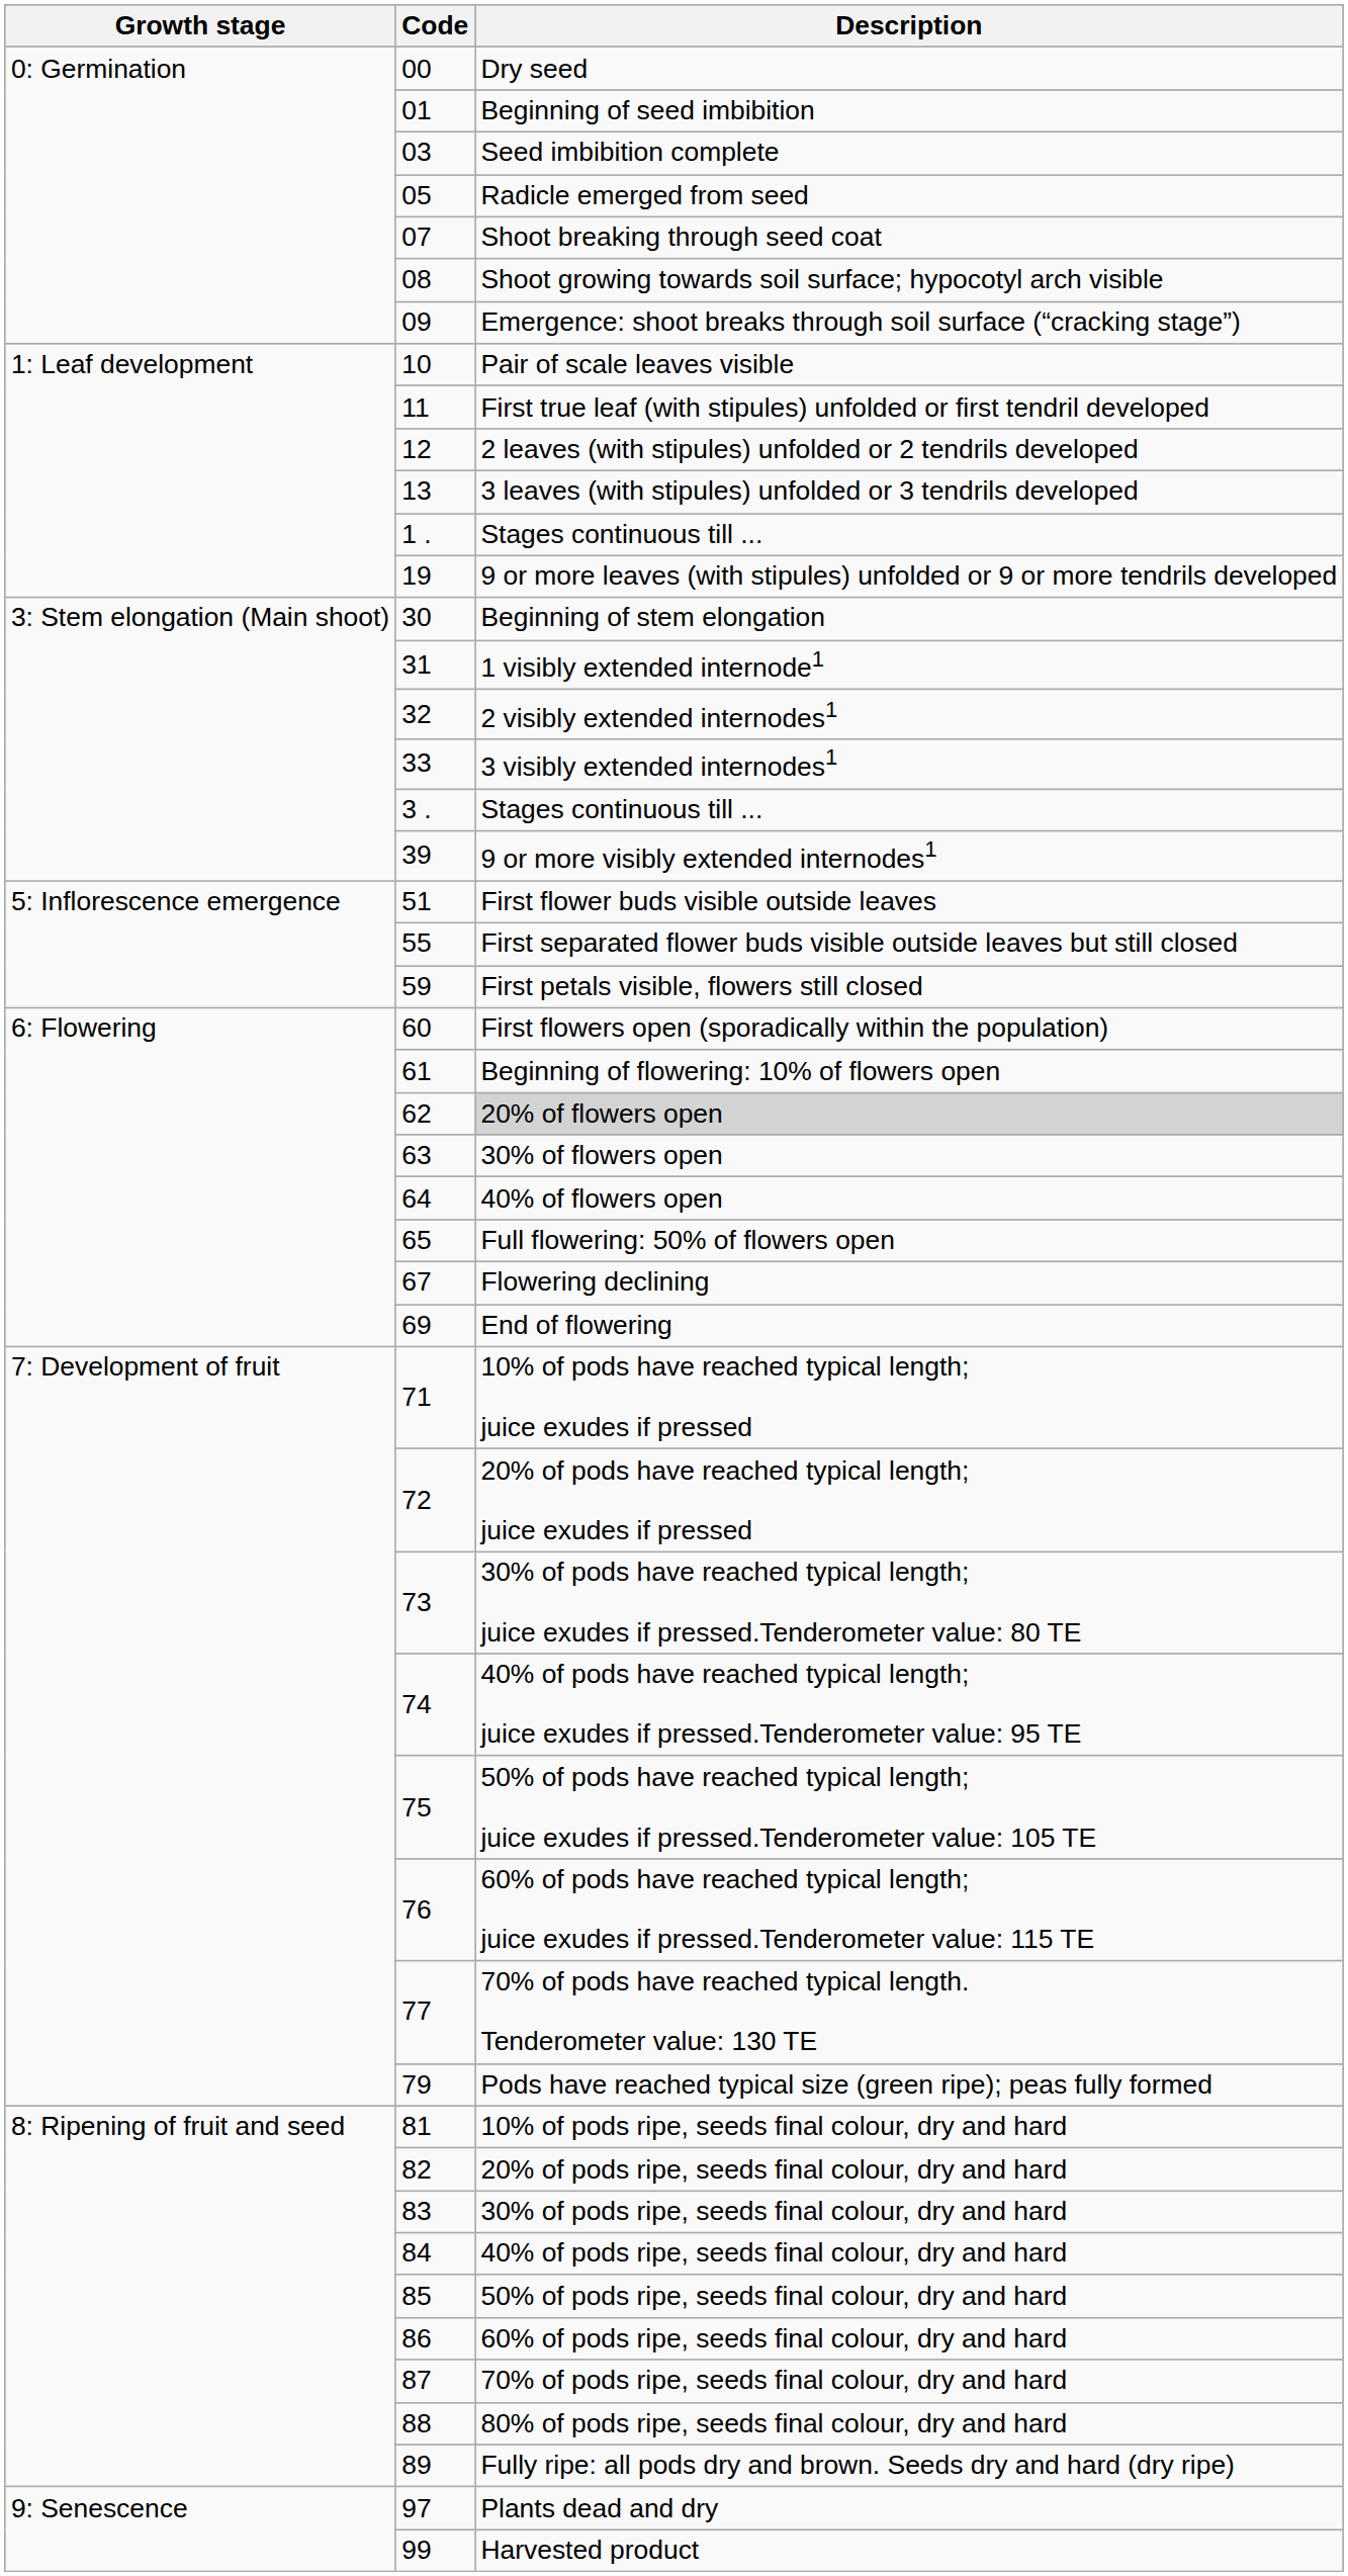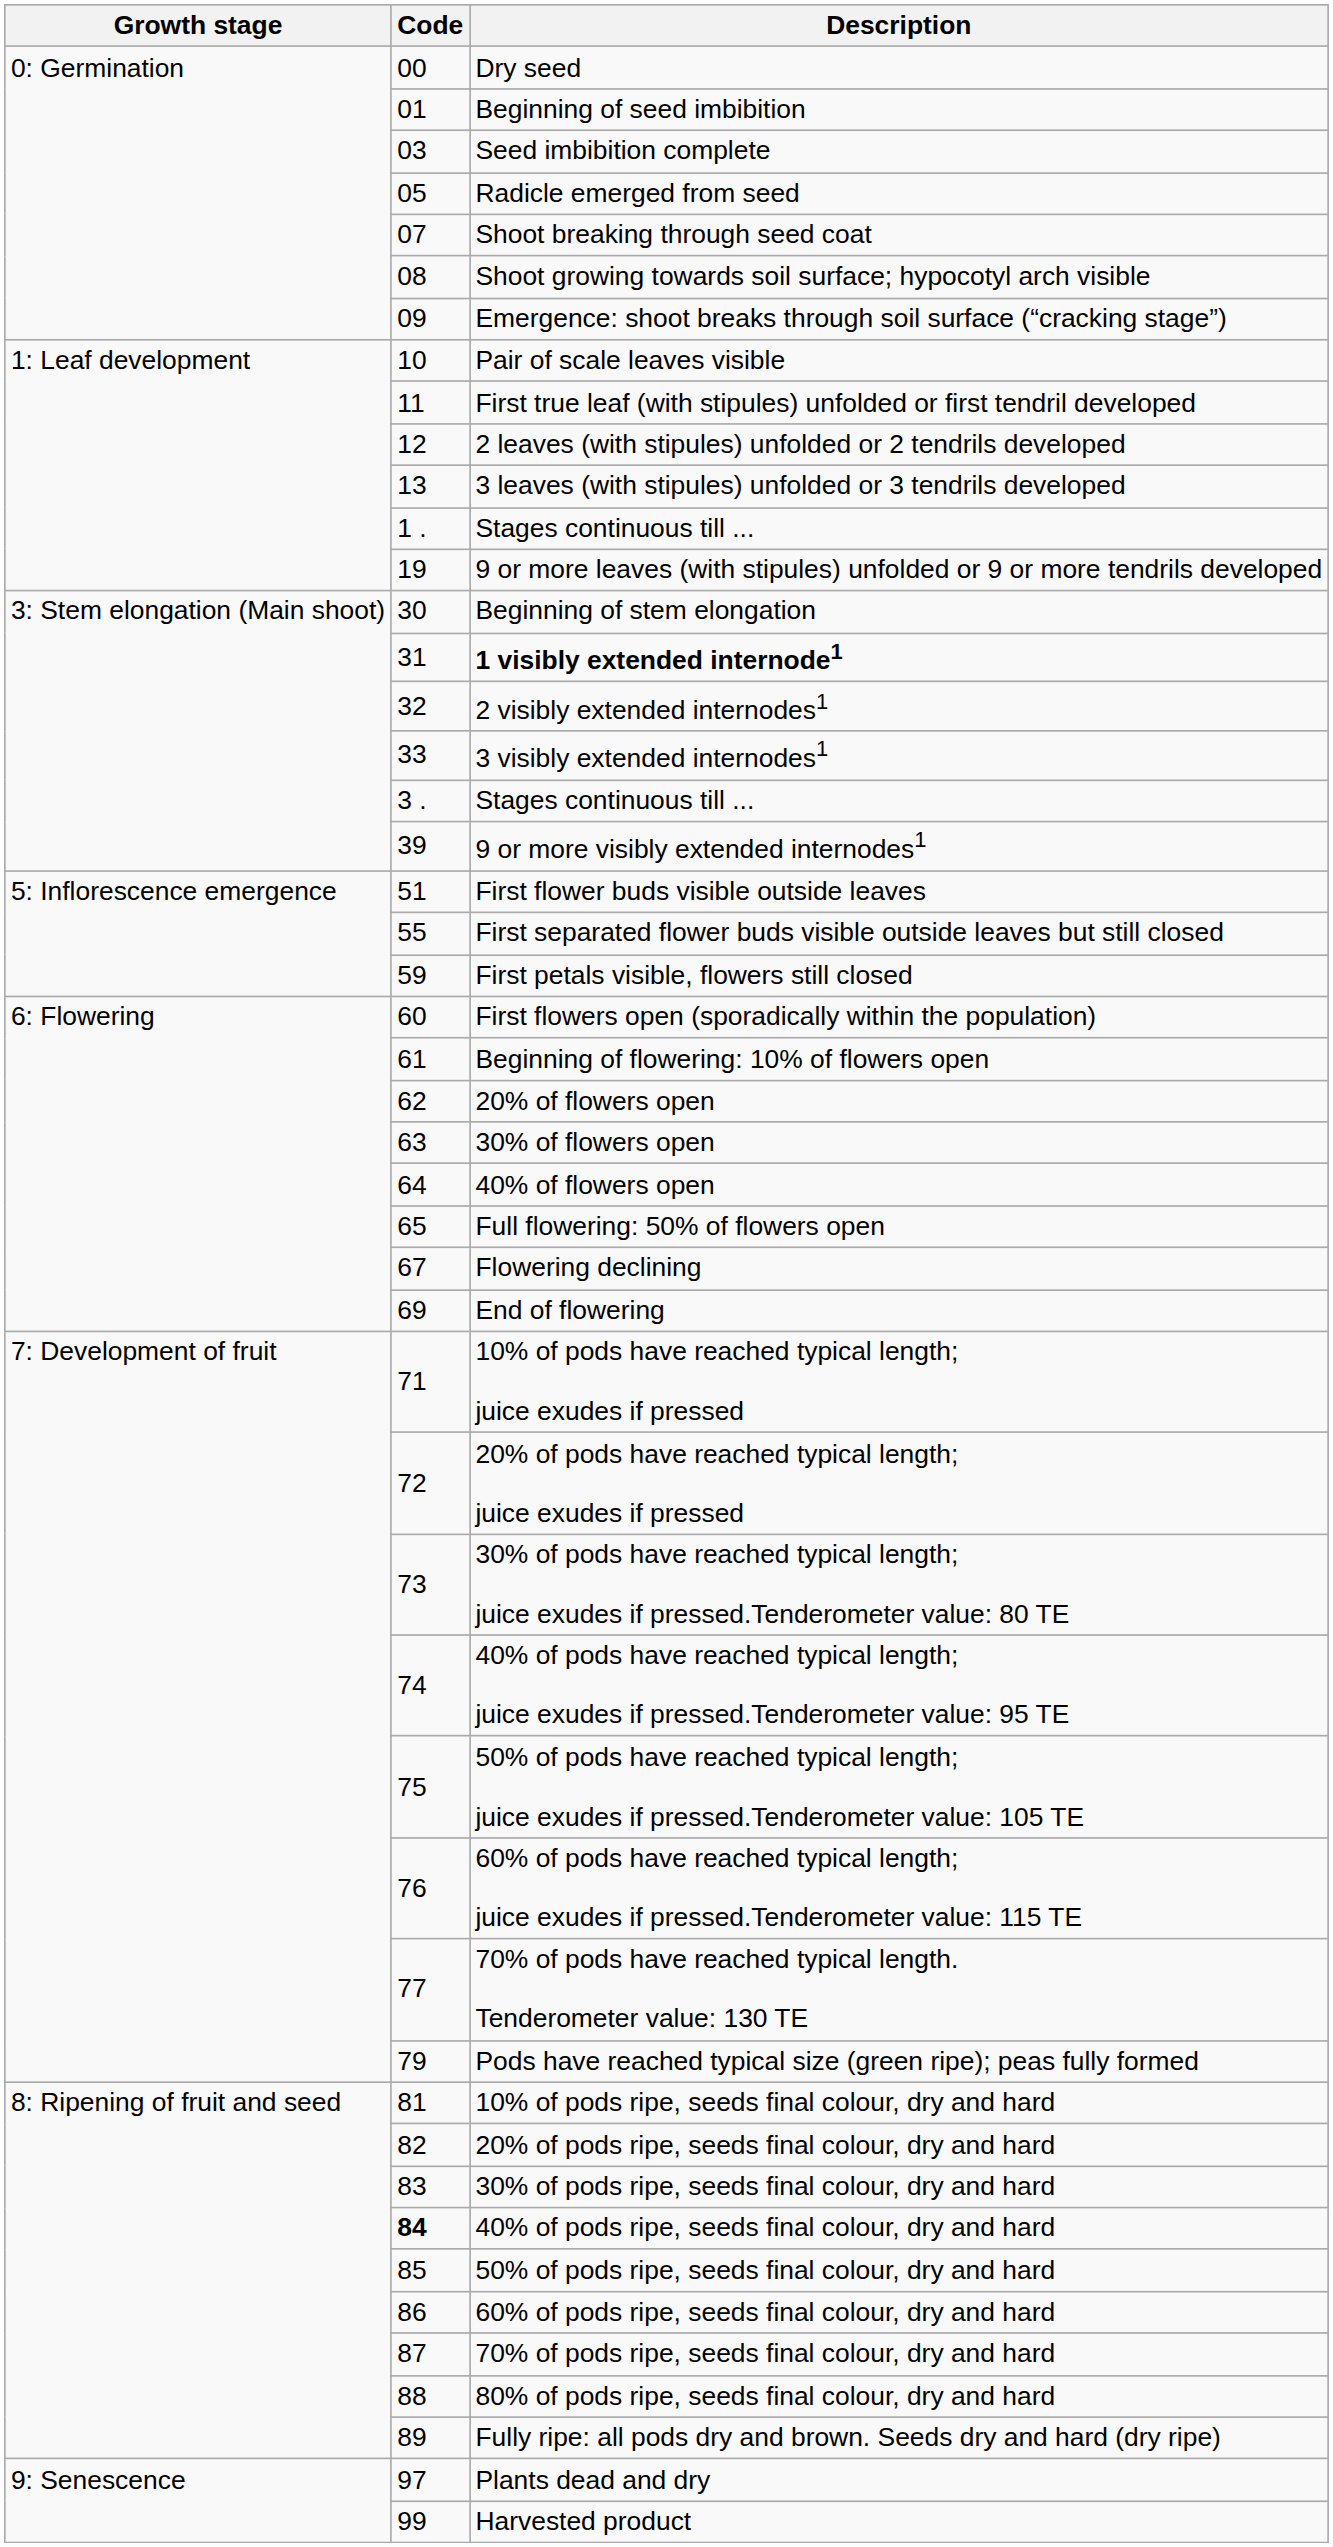 <table class="wikitable" style="clear">
 <tr>
 <th>Growth stage</th>
 <th>Code</th>
 <th>Description</th>
 </tr>
 <tr>
 <td rowspan="7" style="vertical-align:top">0: Germination</td>
 <td>00</td>
 <td>Dry seed</td>
 </tr>
 <tr>
 <td>01</td>
 <td>Beginning of seed imbibition</td>
 </tr>
 <tr>
 <td>03</td>
 <td>Seed imbibition complete</td>
 </tr>
 <tr>
 <td>05</td>
 <td>Radicle emerged from seed</td>
 </tr>
 <tr>
 <td>07</td>
 <td>Shoot breaking through seed coat</td>
 </tr>
 <tr>
 <td>08</td>
 <td>Shoot growing towards soil surface; hypocotyl arch visible</td>
 </tr>
 <tr>
 <td>09</td>
 <td>Emergence: shoot breaks through soil surface (“cracking stage”)</td>
 </tr>
 <tr>
 <td rowspan="6" style="vertical-align:top">1: Leaf development</td>
 <td>10</td>
 <td>Pair of scale leaves visible</td>
 </tr>
 <tr>
 <td>11</td>
 <td>First true leaf (with stipules) unfolded or first tendril developed</td>
 </tr>
 <tr>
 <td>12</td>
 <td>2 leaves (with stipules) unfolded or 2 tendrils developed</td>
 </tr>
 <tr>
 <td>13</td>
 <td>3 leaves (with stipules) unfolded or 3 tendrils developed</td>
 </tr>
 <tr>
 <td>1 .</td>
 <td>Stages continuous till ...</td>
 </tr>
 <tr>
 <td>19</td>
 <td>9 or more leaves (with stipules) unfolded or 9 or more tendrils developed</td>
 </tr>
 <tr>
 <td rowspan="6" style="vertical-align:top">3: Stem elongation (Main shoot)</td>
 <td>30</td>
 <td>Beginning of stem elongation</td>
 </tr>
 <tr>
 <td>31</td>
-<td>1 visibly extended internode<sup>1</sup></td>
+<td><strong>1 visibly extended internode<sup>1</sup></strong></td>
 </tr>
 <tr>
 <td>32</td>
 <td>2 visibly extended internodes<sup>1</sup></td>
 </tr>
 <tr>
 <td>33</td>
 <td>3 visibly extended internodes<sup>1</sup></td>
 </tr>
 <tr>
 <td>3 .</td>
 <td>Stages continuous till ...</td>
 </tr>
 <tr>
 <td>39</td>
 <td>9 or more visibly extended internodes<sup>1</sup></td>
 </tr>
 <tr>
 <td rowspan="3" style="vertical-align:top">5: Inflorescence emergence</td>
 <td>51</td>
 <td>First flower buds visible outside leaves</td>
 </tr>
 <tr>
 <td>55</td>
 <td>First separated flower buds visible outside leaves but still closed</td>
 </tr>
 <tr>
 <td>59</td>
 <td>First petals visible, flowers still closed</td>
 </tr>
 <tr>
 <td rowspan="8" style="vertical-align:top">6: Flowering</td>
 <td>60</td>
 <td>First flowers open (sporadically within the population)</td>
 </tr>
 <tr>
 <td>61</td>
 <td>Beginning of flowering: 10% of flowers open</td>
 </tr>
 <tr>
 <td>62</td>
-<td style="background: lightgrey;">20% of flowers open</td>
+<td>20% of flowers open</td>
 </tr>
 <tr>
 <td>63</td>
 <td>30% of flowers open</td>
 </tr>
 <tr>
 <td>64</td>
 <td>40% of flowers open</td>
 </tr>
 <tr>
 <td>65</td>
 <td>Full flowering: 50% of flowers open</td>
 </tr>
 <tr>
 <td>67</td>
 <td>Flowering declining</td>
 </tr>
 <tr>
 <td>69</td>
 <td>End of flowering</td>
 </tr>
 <tr>
 <td rowspan="8" style="vertical-align:top">7: Development of fruit</td>
 <td>71</td>
 <td>10% of pods have reached typical length;<br><br>juice exudes if pressed</td>
 </tr>
 <tr>
 <td>72</td>
 <td>20% of pods have reached typical length;<br><br>juice exudes if pressed</td>
 </tr>
 <tr>
 <td>73</td>
 <td>30% of pods have reached typical length;<br><br>juice exudes if pressed.Tenderometer value: 80 TE</td>
 </tr>
 <tr>
 <td>74</td>
 <td>40% of pods have reached typical length;<br><br>juice exudes if pressed.Tenderometer value: 95 TE</td>
 </tr>
 <tr>
 <td>75</td>
 <td>50% of pods have reached typical length;<br><br>juice exudes if pressed.Tenderometer value: 105 TE</td>
 </tr>
 <tr>
 <td>76</td>
 <td>60% of pods have reached typical length;<br><br>juice exudes if pressed.Tenderometer value: 115 TE</td>
 </tr>
 <tr>
 <td>77</td>
 <td>70% of pods have reached typical length.<br><br>Tenderometer value: 130 TE</td>
 </tr>
 <tr>
 <td>79</td>
 <td>Pods have reached typical size (green ripe); peas fully formed</td>
 </tr>
 <tr>
 <td rowspan="9" style="vertical-align:top">8: Ripening of fruit and seed</td>
 <td>81</td>
 <td>10% of pods ripe, seeds final colour, dry and hard</td>
 </tr>
 <tr>
 <td>82</td>
 <td>20% of pods ripe, seeds final colour, dry and hard</td>
 </tr>
 <tr>
 <td>83</td>
 <td>30% of pods ripe, seeds final colour, dry and hard</td>
 </tr>
 <tr>
-<td>84</td>
+<td><strong>84</strong></td>
 <td>40% of pods ripe, seeds final colour, dry and hard</td>
 </tr>
 <tr>
 <td>85</td>
 <td>50% of pods ripe, seeds final colour, dry and hard</td>
 </tr>
 <tr>
 <td>86</td>
 <td>60% of pods ripe, seeds final colour, dry and hard</td>
 </tr>
 <tr>
 <td>87</td>
 <td>70% of pods ripe, seeds final colour, dry and hard</td>
 </tr>
 <tr>
 <td>88</td>
 <td>80% of pods ripe, seeds final colour, dry and hard</td>
 </tr>
 <tr>
 <td>89</td>
 <td>Fully ripe: all pods dry and brown. Seeds dry and hard (dry ripe)</td>
 </tr>
 <tr>
 <td rowspan="2" style="vertical-align:top">9: Senescence</td>
 <td>97</td>
 <td>Plants dead and dry</td>
 </tr>
 <tr>
 <td>99</td>
 <td>Harvested product</td>
 </tr>
 </table>
